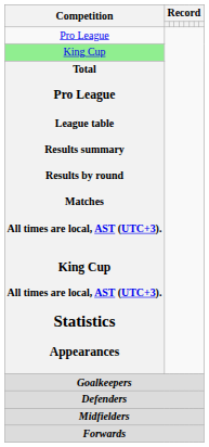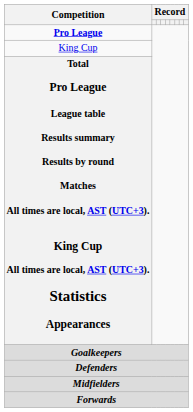 <table class="wikitable" style="text-align: center">
 <tr>
 <th rowspan=2>Competition</th>
 <th colspan=8>Record</th>
 </tr>
 <tr>
 <th></th>
 <th></th>
 <th></th>
 <th></th>
 <th></th>
 <th></th>
 <th></th>
 <th></th>
 </tr>
 <tr>
-<td><a href='#'>Pro League</a><br></td>
+<td><strong><a href='#'>Pro League</a><br></strong></td>
 </tr>
 <tr>
-<td style="background: lightgreen;"><a href='#'>King Cup</a><br></td>
+<td><a href='#'>King Cup</a><br></td>
 </tr>
 <tr>
 <th>Total<br> <h3>Pro League</h3><h4>League table</h4><h4>Results summary</h4> <h4>Results by round</h4><h4>Matches</h4>All times are local, <a href='#'>AST</a> (<a href='#'>UTC+3</a>).<br>   <br>                             <h3>King Cup</h3> All times are local, <a href='#'>AST</a> (<a href='#'>UTC+3</a>).<br> <h2>Statistics</h2><h3>Appearances</h3></th>
 </tr>
 <tr>
 <th colspan=14 style=background:#dcdcdc; text-align:center><em>Goalkeepers</em><br>   </th>
 </tr>
 <tr>
 <th colspan=14 style=background:#dcdcdc; text-align:center><em>Defenders</em><br>       </th>
 </tr>
 <tr>
 <th colspan=14 style=background:#dcdcdc; text-align:center><em>Midfielders</em><br>           </th>
 </tr>
 <tr>
 <th colspan=14 style=background:#dcdcdc; text-align:center><em>Forwards</em><br>      </th>
 </tr>
 </table>
